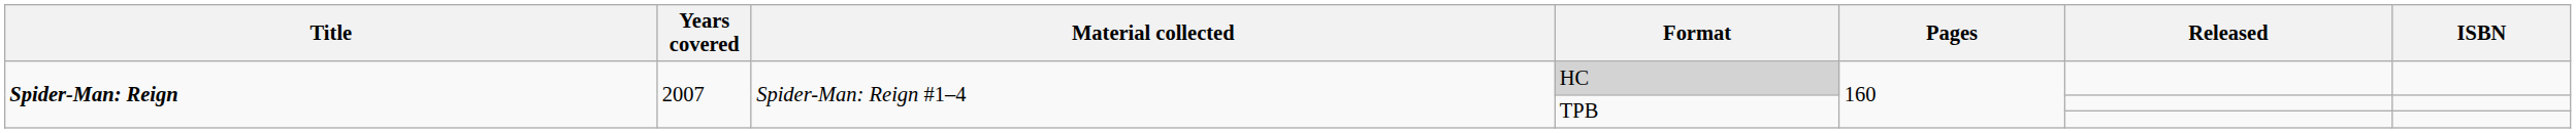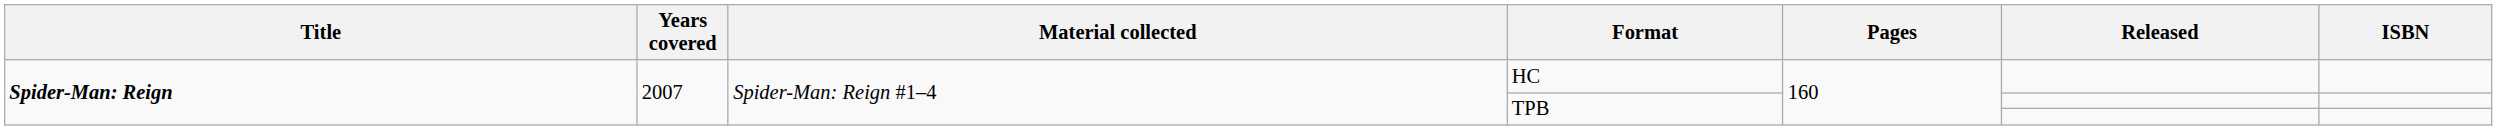 <table class="wikitable sortable" width=98%>
 <tr>
 <th>Title</th>
 <th style="width: 4em;">Years covered</th>
 <th>Material collected</th>
 <th>Format</th>
 <th>Pages</th>
 <th>Released</th>
 <th class="unsortable" style="width: 8em;">ISBN</th>
 </tr>
 <tr>
 <td rowspan=3><strong><em>Spider-Man: Reign</em></strong></td>
 <td rowspan=3>2007</td>
 <td rowspan=3><em>Spider-Man: Reign</em> #1–4</td>
-<td style="background: lightgrey;">HC</td>
+<td>HC</td>
 <td rowspan=3>160</td>
 <td></td>
 <td></td>
 </tr>
 <tr>
 <td rowspan=2>TPB</td>
 <td></td>
 <td></td>
 </tr>
 <tr>
 <td></td>
 <td></td>
 </tr>
 </table>
